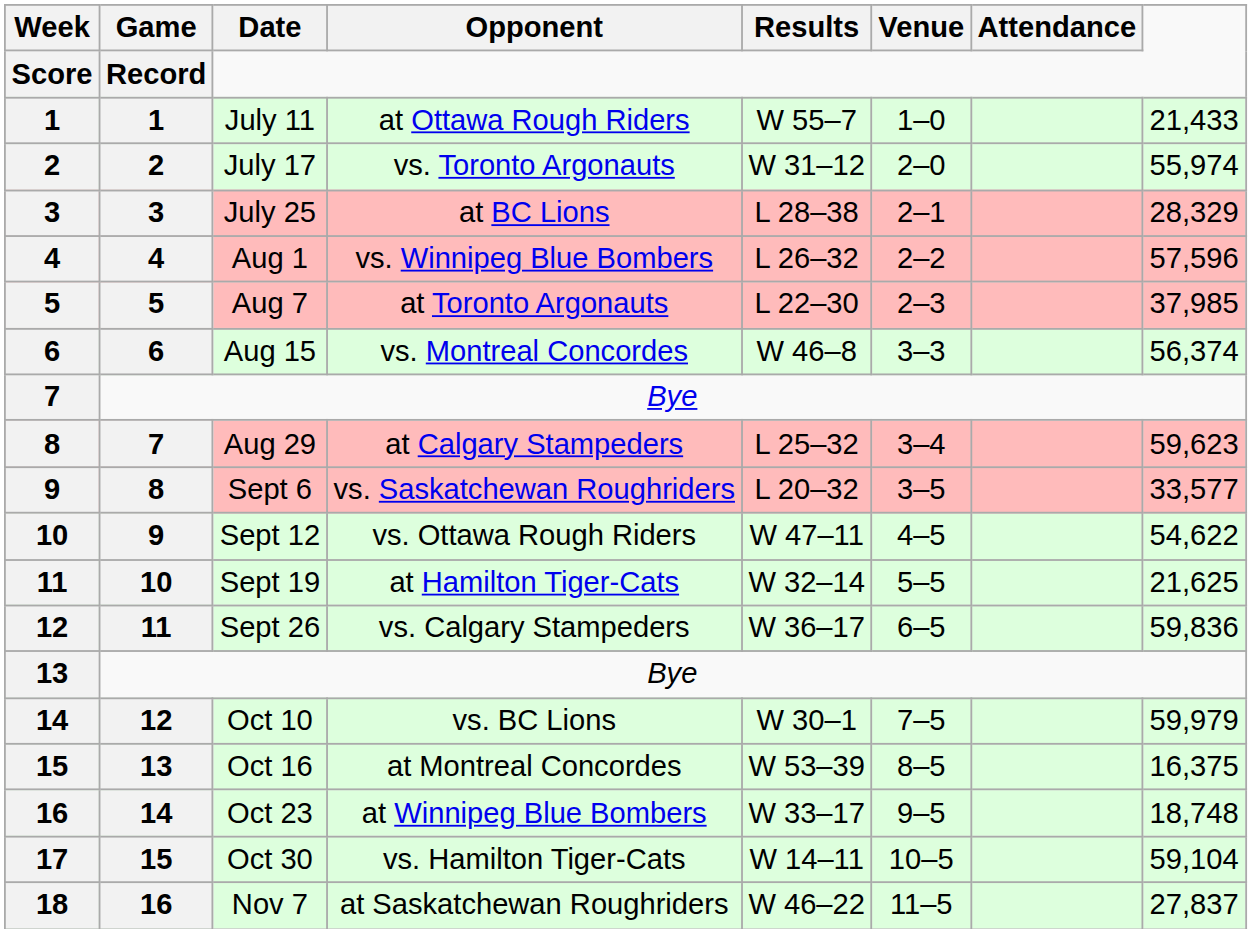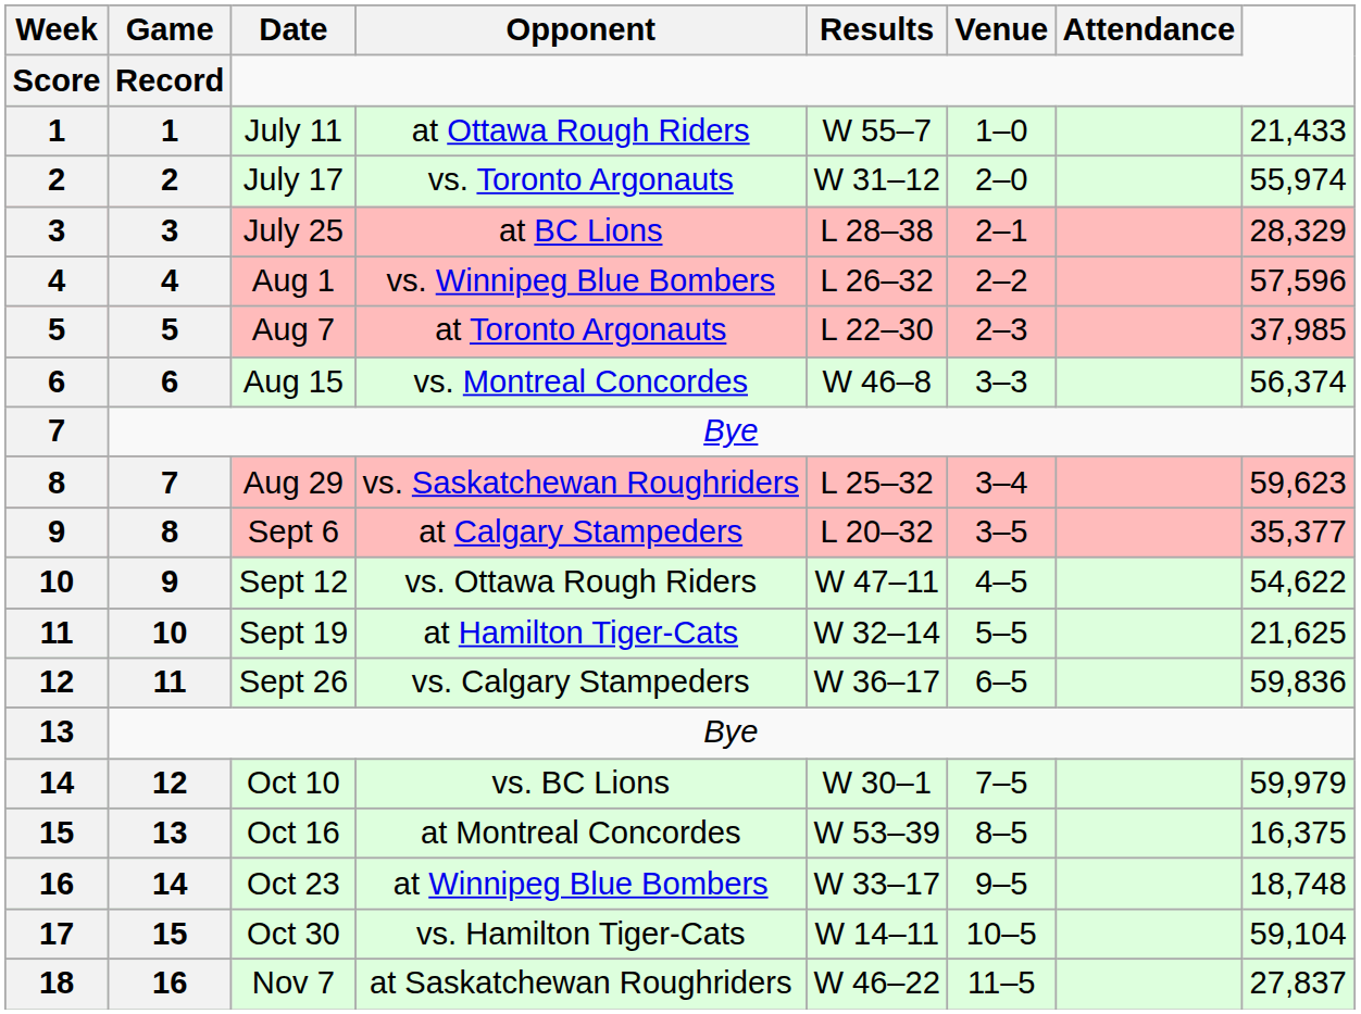 <table class="wikitable" style="text-align:center">
 <tr>
 <th>Week</th>
 <th>Game</th>
 <th>Date</th>
 <th>Opponent</th>
 <th>Results</th>
 <th>Venue</th>
 <th>Attendance</th>
 </tr>
 <tr>
 <th>Score</th>
 <th>Record</th>
 </tr>
 <tr style="background:#ddffdd">
 <th>1</th>
 <th>1</th>
 <td>July 11</td>
 <td>at <a href='#'>Ottawa Rough Riders</a></td>
 <td>W 55–7</td>
 <td>1–0</td>
 <td></td>
 <td>21,433</td>
 </tr>
 <tr style="background:#ddffdd">
 <th>2</th>
 <th>2</th>
 <td>July 17</td>
 <td>vs. <a href='#'>Toronto Argonauts</a></td>
 <td>W 31–12</td>
 <td>2–0</td>
 <td></td>
 <td>55,974</td>
 </tr>
 <tr style="background:#ffbbbb">
 <th>3</th>
 <th>3</th>
 <td>July 25</td>
 <td>at <a href='#'>BC Lions</a></td>
 <td>L 28–38</td>
 <td>2–1</td>
 <td></td>
 <td>28,329</td>
 </tr>
 <tr style="background:#ffbbbb">
 <th>4</th>
 <th>4</th>
 <td>Aug 1</td>
 <td>vs. <a href='#'>Winnipeg Blue Bombers</a></td>
 <td>L 26–32</td>
 <td>2–2</td>
 <td></td>
 <td>57,596</td>
 </tr>
 <tr style="background:#ffbbbb">
 <th>5</th>
 <th>5</th>
 <td>Aug 7</td>
 <td>at <a href='#'>Toronto Argonauts</a></td>
 <td>L 22–30</td>
 <td>2–3</td>
 <td></td>
 <td>37,985</td>
 </tr>
 <tr style="background:#ddffdd">
 <th>6</th>
 <th>6</th>
 <td>Aug 15</td>
 <td>vs. <a href='#'>Montreal Concordes</a></td>
 <td>W 46–8</td>
 <td>3–3</td>
 <td></td>
 <td>56,374</td>
 </tr>
 <tr>
 <th>7</th>
 <td colspan=7 align="center"><em><a href='#'>Bye</a></em></td>
 </tr>
 <tr style="background:#ffbbbb">
 <th>8</th>
 <th>7</th>
 <td>Aug 29</td>
-<td>at <a href='#'>Calgary Stampeders</a></td>
+<td>vs. <a href='#'>Saskatchewan Roughriders</a></td>
 <td>L 25–32</td>
 <td>3–4</td>
 <td></td>
 <td>59,623</td>
 </tr>
 <tr style="background:#ffbbbb">
 <th>9</th>
 <th>8</th>
 <td>Sept 6</td>
-<td>vs. <a href='#'>Saskatchewan Roughriders</a></td>
+<td>at <a href='#'>Calgary Stampeders</a></td>
 <td>L 20–32</td>
 <td>3–5</td>
 <td></td>
-<td>33,577</td>
+<td>35,377</td>
 </tr>
 <tr style="background:#ddffdd">
 <th>10</th>
 <th>9</th>
 <td>Sept 12</td>
 <td>vs. Ottawa Rough Riders</td>
 <td>W 47–11</td>
 <td>4–5</td>
 <td></td>
 <td>54,622</td>
 </tr>
 <tr style="background:#ddffdd">
 <th>11</th>
 <th>10</th>
 <td>Sept 19</td>
 <td>at <a href='#'>Hamilton Tiger-Cats</a></td>
 <td>W 32–14</td>
 <td>5–5</td>
 <td></td>
 <td>21,625</td>
 </tr>
 <tr style="background:#ddffdd">
 <th>12</th>
 <th>11</th>
 <td>Sept 26</td>
 <td>vs. Calgary Stampeders</td>
 <td>W 36–17</td>
 <td>6–5</td>
 <td></td>
 <td>59,836</td>
 </tr>
 <tr>
 <th>13</th>
 <td colspan="7"><em>Bye</em></td>
 </tr>
 <tr style="background:#ddffdd">
 <th>14</th>
 <th>12</th>
 <td>Oct 10</td>
 <td>vs. BC Lions</td>
 <td>W 30–1</td>
 <td>7–5</td>
 <td></td>
 <td>59,979</td>
 </tr>
 <tr style="background:#ddffdd">
 <th>15</th>
 <th>13</th>
 <td>Oct 16</td>
 <td>at Montreal Concordes</td>
 <td>W 53–39</td>
 <td>8–5</td>
 <td></td>
 <td>16,375</td>
 </tr>
 <tr style="background:#ddffdd">
 <th>16</th>
 <th>14</th>
 <td>Oct 23</td>
 <td>at <a href='#'>Winnipeg Blue Bombers</a></td>
 <td>W 33–17</td>
 <td>9–5</td>
 <td></td>
 <td>18,748</td>
 </tr>
 <tr style="background:#ddffdd">
 <th>17</th>
 <th>15</th>
 <td>Oct 30</td>
 <td>vs. Hamilton Tiger-Cats</td>
 <td>W 14–11</td>
 <td>10–5</td>
 <td></td>
 <td>59,104</td>
 </tr>
 <tr style="background:#ddffdd">
 <th>18</th>
 <th>16</th>
 <td>Nov 7</td>
 <td>at Saskatchewan Roughriders</td>
 <td>W 46–22</td>
 <td>11–5</td>
 <td></td>
 <td>27,837</td>
 </tr>
 </table>
